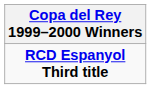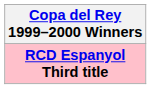 <table class="wikitable" style="text-align: center; margin: 0 auto;">
 <tr>
 <th><a href='#'>Copa del Rey</a><br>1999–2000 Winners</th>
 </tr>
 <tr>
-<td><strong><a href='#'>RCD Espanyol</a></strong><br><strong>Third title</strong></td>
+<td style="background: pink;"><strong><a href='#'>RCD Espanyol</a></strong><br><strong>Third title</strong></td>
 </tr>
 </table>
